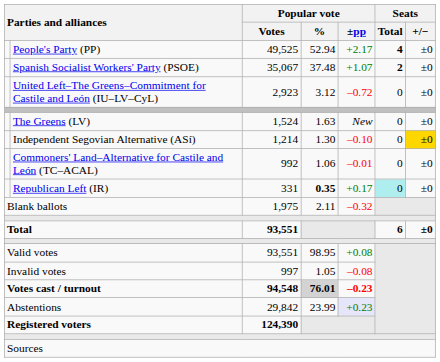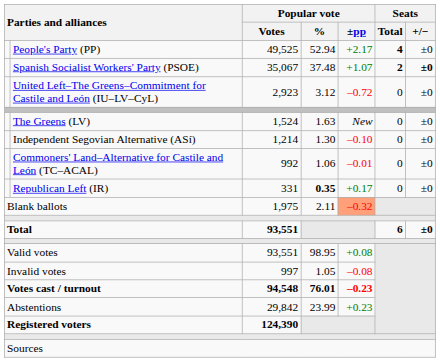 <table class="wikitable" style="text-align:right;">
 <tr>
 <th style="text-align:left;" rowspan="2" colspan="2" width="525">Parties and alliances</th>
 <th colspan="3">Popular vote</th>
 <th colspan="2">Seats</th>
 </tr>
 <tr>
 <th width="75">Votes</th>
 <th width="45">%</th>
 <th width="45">±<a href='#'>pp</a></th>
 <th width="35">Total</th>
 <th width="35">+/−</th>
 </tr>
 <tr>
 <td width="1" style="color:inherit;background:"></td>
 <td align="left"><a href='#'>People's Party</a> (PP)</td>
 <td>49,525</td>
 <td>52.94</td>
 <td style="color:green;">+2.17</td>
 <td><strong>4</strong></td>
 <td>±0</td>
 </tr>
 <tr>
 <td style="color:inherit;background:"></td>
 <td align="left"><a href='#'>Spanish Socialist Workers' Party</a> (PSOE)</td>
 <td>35,067</td>
 <td>37.48</td>
 <td style="color:green;">+1.07</td>
 <td><strong>2</strong></td>
-<td>±0</td>
+<td><strong>±0</strong></td>
 </tr>
 <tr>
 <td style="color:inherit;background:"></td>
 <td align="left"><a href='#'>United Left–The Greens–Commitment for Castile and León</a> (IU–LV–CyL)</td>
 <td>2,923</td>
 <td>3.12</td>
 <td style="color:red;">–0.72</td>
 <td>0</td>
 <td>±0</td>
 </tr>
 <tr>
 <td colspan="7" bgcolor="#C0C0C0"></td>
 </tr>
 <tr>
 <td style="color:inherit;background:"></td>
 <td align="left"><a href='#'>The Greens</a> (LV)</td>
 <td>1,524</td>
 <td>1.63</td>
 <td><em>New</em></td>
 <td>0</td>
 <td>±0</td>
 </tr>
 <tr>
 <td style="color:inherit;background:"></td>
 <td align="left">Independent Segovian Alternative (ASí)</td>
 <td>1,214</td>
 <td>1.30</td>
 <td style="color:red;">–0.10</td>
 <td>0</td>
-<td style="background: gold;">±0</td>
+<td>±0</td>
 </tr>
 <tr>
 <td style="color:inherit;background:"></td>
 <td align="left"><a href='#'>Commoners' Land–Alternative for Castile and León</a> (TC–ACAL)</td>
 <td>992</td>
 <td>1.06</td>
 <td style="color:red;">–0.01</td>
 <td>0</td>
 <td>±0</td>
 </tr>
 <tr>
 <td style="color:inherit;background:"></td>
 <td align="left"><a href='#'>Republican Left</a> (IR)</td>
 <td>331</td>
 <td><strong>0.35</strong></td>
 <td style="color:green;">+0.17</td>
-<td style="background: paleturquoise;">0</td>
+<td>0</td>
 <td>±0</td>
 </tr>
 <tr>
 <td align="left" colspan="2">Blank ballots</td>
 <td>1,975</td>
 <td>2.11</td>
-<td style="color:red;">–0.32</td>
+<td style="background: lightsalmon; color:red;">–0.32</td>
 <td bgcolor="#E9E9E9" colspan="2"></td>
 </tr>
 <tr>
 <td colspan="7" bgcolor="#E9E9E9"></td>
 </tr>
 <tr style="font-weight:bold;">
 <td align="left" colspan="2">Total</td>
 <td>93,551</td>
 <td bgcolor="#E9E9E9" colspan="2"></td>
 <td>6</td>
 <td>±0</td>
 </tr>
 <tr>
 <td colspan="7" bgcolor="#E9E9E9"></td>
 </tr>
 <tr>
 <td align="left" colspan="2">Valid votes</td>
 <td>93,551</td>
 <td>98.95</td>
 <td style="color:green;">+0.08</td>
 <td bgcolor="#E9E9E9" colspan="2" rowspan="5"></td>
 </tr>
 <tr>
 <td align="left" colspan="2">Invalid votes</td>
 <td>997</td>
 <td>1.05</td>
 <td style="color:red;">–0.08</td>
 </tr>
 <tr style="font-weight:bold;">
 <td align="left" colspan="2">Votes cast / turnout</td>
 <td>94,548</td>
-<td style="background: lightgrey;">76.01</td>
+<td>76.01</td>
 <td style="color:red;">–0.23</td>
 </tr>
 <tr>
 <td align="left" colspan="2">Abstentions</td>
 <td>29,842</td>
 <td>23.99</td>
-<td style="background: lavender; color:green;">+0.23</td>
+<td style="color:green;">+0.23</td>
 </tr>
 <tr style="font-weight:bold;">
 <td align="left" colspan="2">Registered voters</td>
 <td>124,390</td>
 <td bgcolor="#E9E9E9" colspan="2"></td>
 </tr>
 <tr>
 <td colspan="7" bgcolor="#E9E9E9"></td>
 </tr>
 <tr>
 <td align="left" colspan="7">Sources</td>
 </tr>
 </table>
